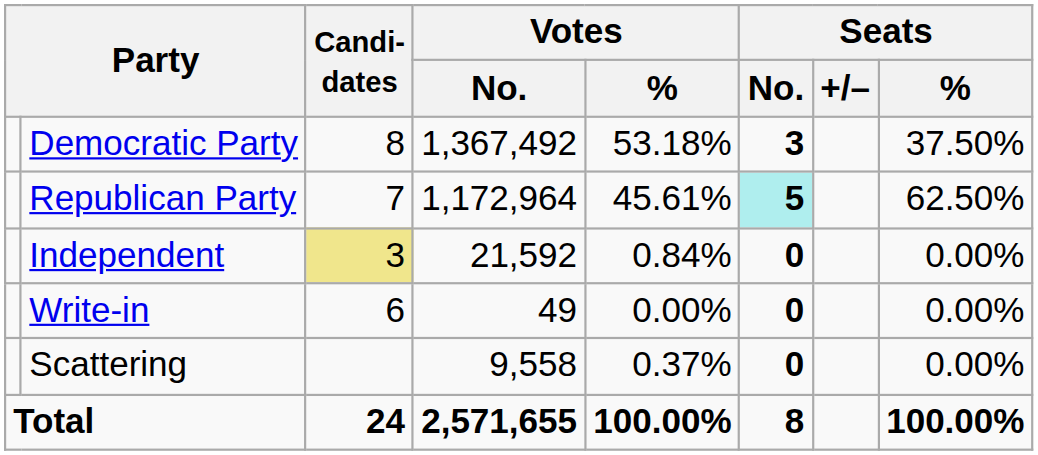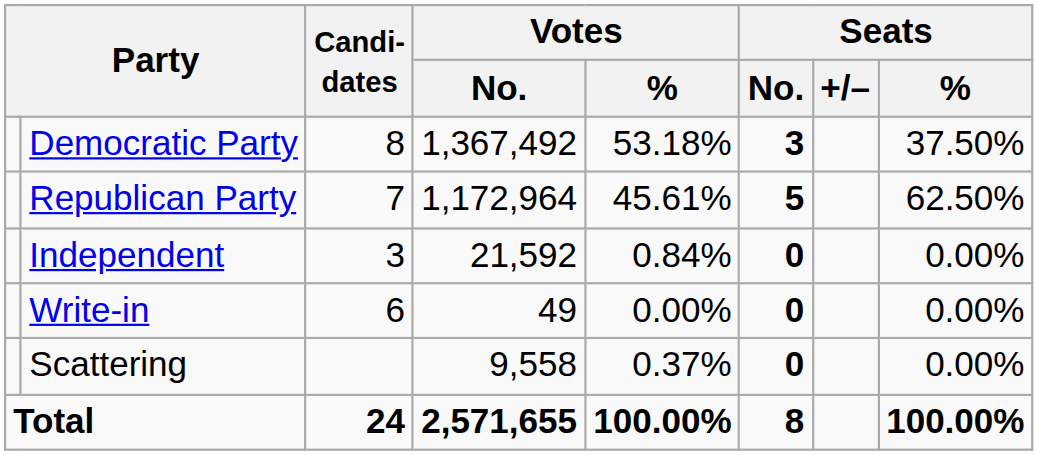 <table class="wikitable" style="font-size:100%; text-align:right;">
 <tr>
 <th colspan=2 rowspan=2>Party</th>
 <th rowspan=2><small>Candi-<br>dates</small></th>
 <th colspan=2>Votes</th>
 <th colspan=3>Seats</th>
 </tr>
 <tr>
 <th>No.</th>
 <th>%</th>
 <th>No.</th>
 <th>+/–</th>
 <th>%</th>
 </tr>
 <tr>
 <td style="background:"></td>
 <td align=left><a href='#'>Democratic Party</a></td>
 <td>8</td>
 <td>1,367,492</td>
 <td>53.18%</td>
 <td><strong>3</strong></td>
 <td></td>
 <td>37.50%</td>
 </tr>
 <tr>
 <td style="background:"></td>
 <td align=left><a href='#'>Republican Party</a></td>
 <td>7</td>
 <td>1,172,964</td>
 <td>45.61%</td>
-<td style="background: paleturquoise;"><strong>5</strong></td>
+<td><strong>5</strong></td>
 <td></td>
 <td>62.50%</td>
 </tr>
 <tr>
 <td style="background:"></td>
 <td align=left><a href='#'>Independent</a></td>
-<td style="background: khaki;">3</td>
+<td>3</td>
 <td>21,592</td>
 <td>0.84%</td>
 <td><strong>0</strong></td>
 <td></td>
 <td>0.00%</td>
 </tr>
 <tr>
 <td style="background:"></td>
 <td align=left><a href='#'>Write-in</a></td>
 <td>6</td>
 <td>49</td>
 <td>0.00%</td>
 <td><strong>0</strong></td>
 <td></td>
 <td>0.00%</td>
 </tr>
 <tr>
 <td></td>
 <td align=left>Scattering</td>
 <td></td>
 <td>9,558</td>
 <td>0.37%</td>
 <td><strong>0</strong></td>
 <td></td>
 <td>0.00%</td>
 </tr>
 <tr style="font-weight:bold">
 <td colspan=2 align=left>Total</td>
 <td>24</td>
 <td>2,571,655</td>
 <td>100.00%</td>
 <td>8</td>
 <td></td>
 <td>100.00%</td>
 </tr>
 </table>
